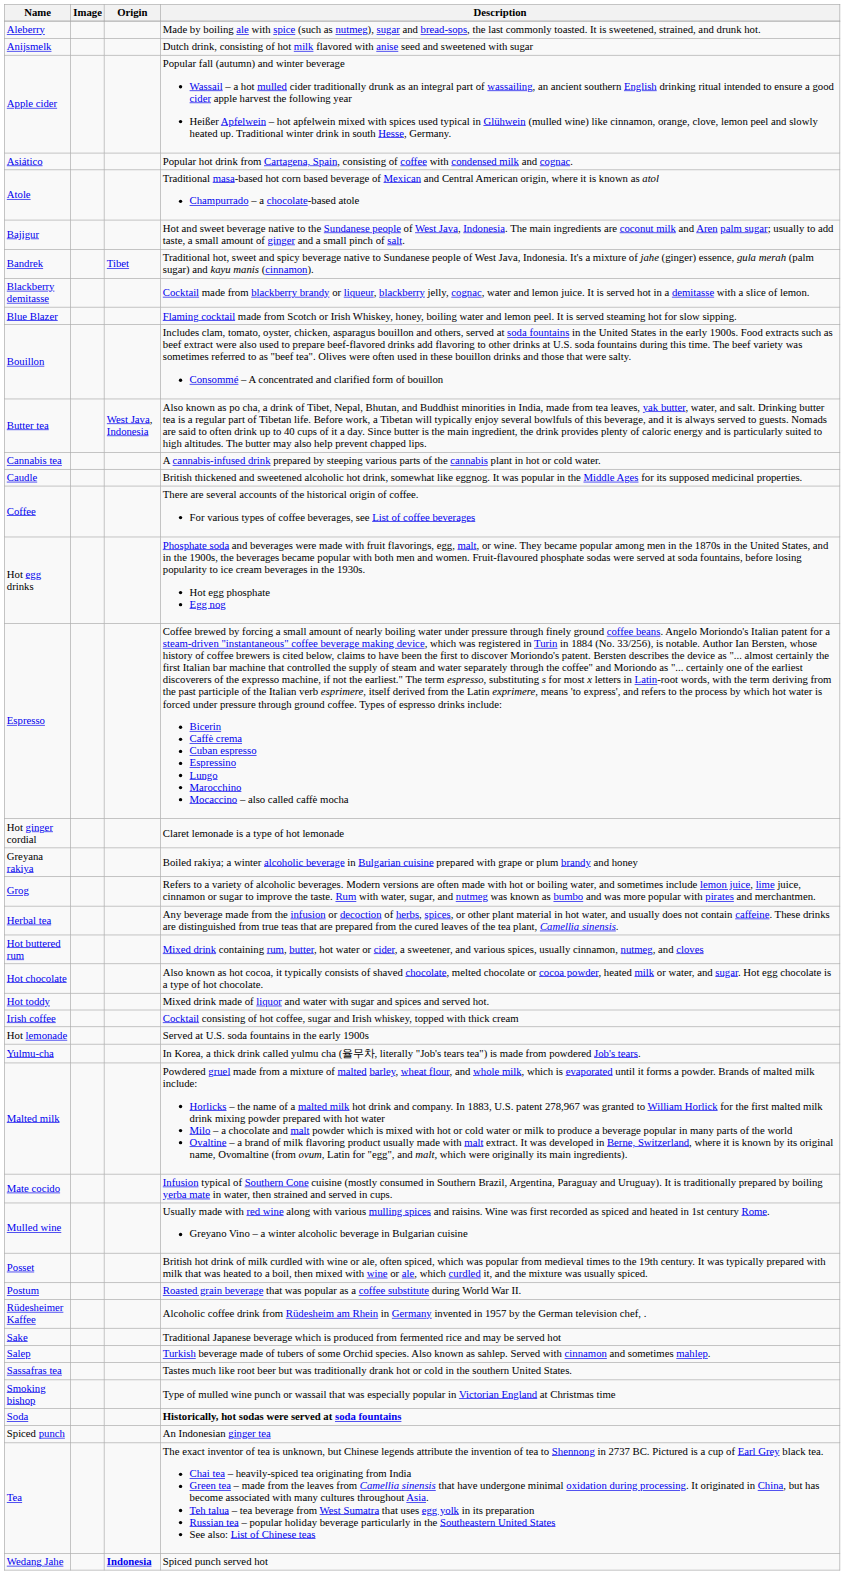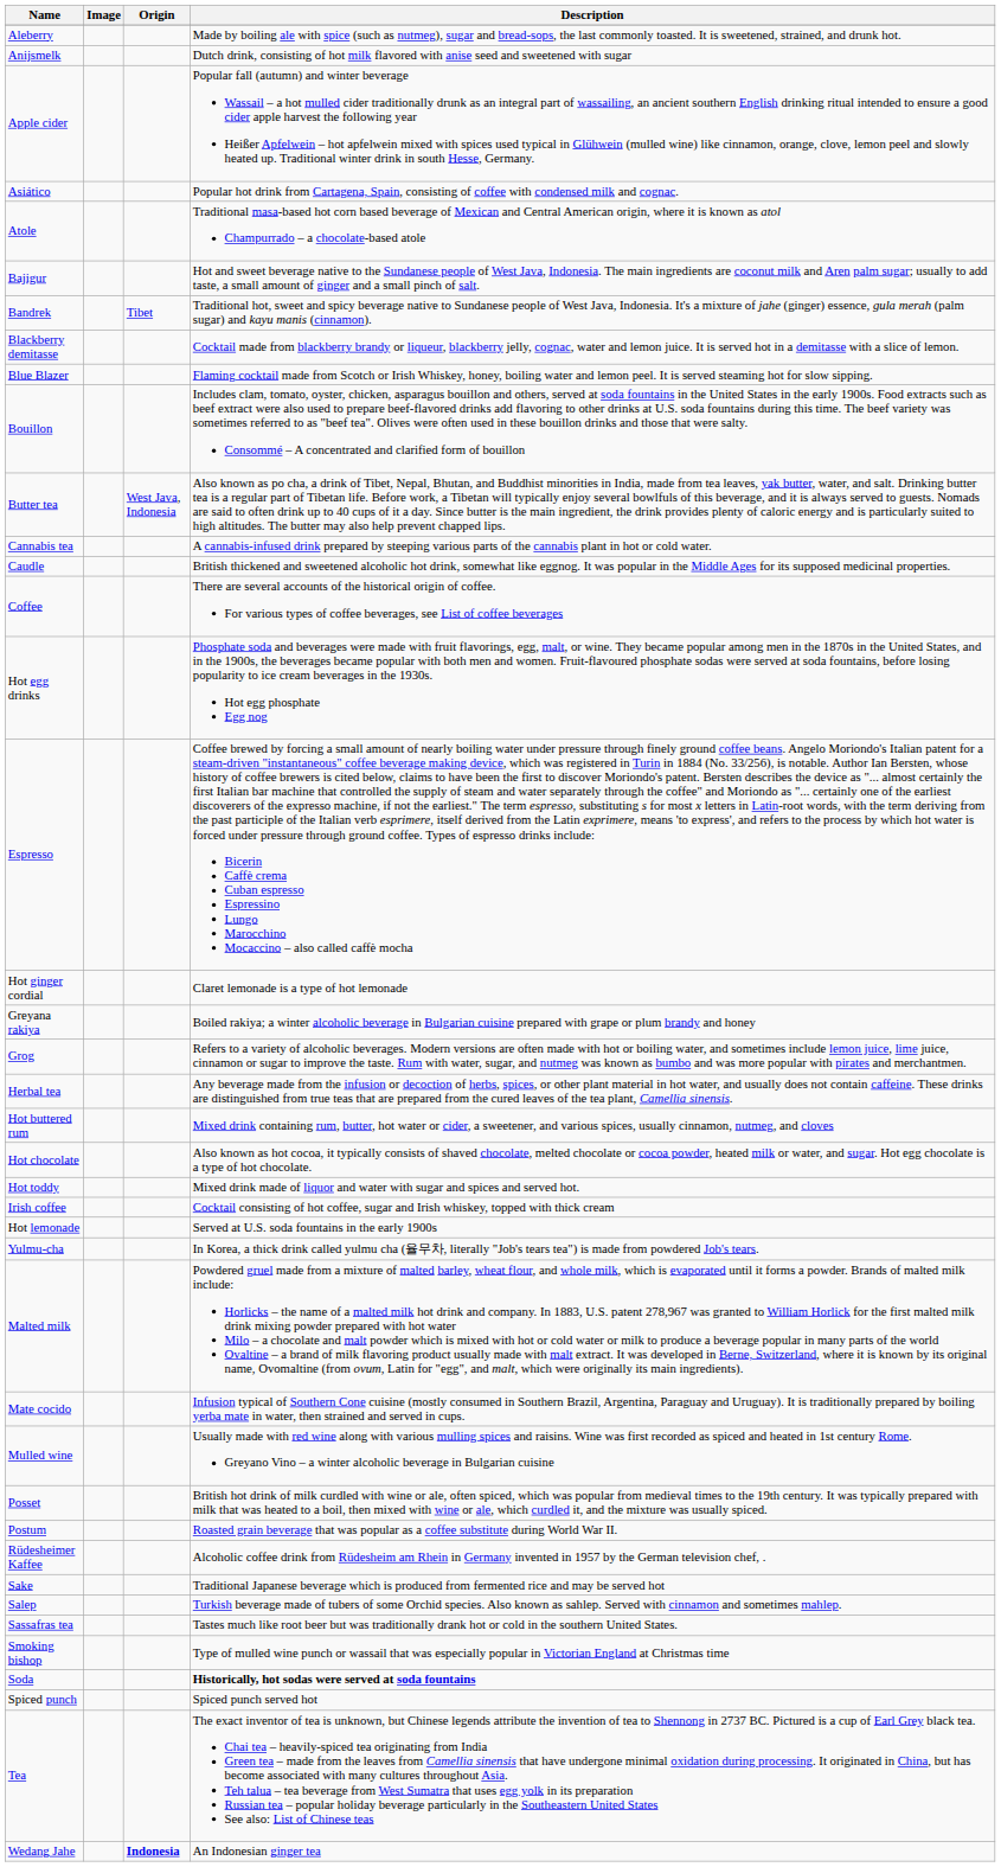 <table class="wikitable sortable">
 <tr>
 <th>Name</th>
 <th class="unsortable">Image</th>
 <th>Origin</th>
 <th>Description</th>
 </tr>
 <tr>
 </tr>
 <tr>
 <td><a href='#'>Aleberry</a></td>
 <td></td>
 <td></td>
 <td>Made by boiling <a href='#'>ale</a> with <a href='#'>spice</a> (such as <a href='#'>nutmeg</a>), <a href='#'>sugar</a> and <a href='#'>bread-sops</a>, the last commonly toasted. It is sweetened, strained, and drunk hot.</td>
 </tr>
 <tr>
 <td><a href='#'>Anijsmelk</a></td>
 <td></td>
 <td></td>
 <td>Dutch drink, consisting of hot <a href='#'>milk</a> flavored with <a href='#'>anise</a> seed and sweetened with sugar</td>
 </tr>
 <tr>
 <td><a href='#'>Apple cider</a></td>
 <td></td>
 <td></td>
 <td>Popular fall (autumn) and winter beverage<br><ul><li><a href='#'>Wassail</a> – a hot <a href='#'>mulled</a> cider traditionally drunk as an integral part of <a href='#'>wassailing</a>, an ancient southern <a href='#'>English</a> drinking ritual intended to ensure a good <a href='#'>cider</a> apple harvest the following year</li></ul><ul><li>Heißer <a href='#'>Apfelwein</a> – hot apfelwein mixed with spices used typical in <a href='#'>Glühwein</a> (mulled wine) like cinnamon, orange, clove, lemon peel and slowly heated up. Traditional winter drink in south <a href='#'>Hesse</a>, Germany.</li></ul></td>
 </tr>
 <tr>
 <td><a href='#'>Asiático</a></td>
 <td></td>
 <td></td>
 <td>Popular hot drink from <a href='#'>Cartagena, Spain</a>, consisting of <a href='#'>coffee</a> with <a href='#'>condensed milk</a> and <a href='#'>cognac</a>.</td>
 </tr>
 <tr>
 <td><a href='#'>Atole</a></td>
 <td></td>
 <td></td>
 <td>Traditional <a href='#'>masa</a>-based hot corn based beverage of <a href='#'>Mexican</a> and Central American origin, where it is known as <em>atol</em><br><ul><li><a href='#'>Champurrado</a> – a <a href='#'>chocolate</a>-based atole</li></ul></td>
 </tr>
 <tr>
 <td><a href='#'>Bajigur</a></td>
 <td></td>
 <td></td>
 <td>Hot and sweet beverage native to the <a href='#'>Sundanese people</a> of <a href='#'>West Java</a>, <a href='#'>Indonesia</a>. The main ingredients are <a href='#'>coconut milk</a> and <a href='#'>Aren</a> <a href='#'>palm sugar</a>; usually to add taste, a small amount of <a href='#'>ginger</a> and a small pinch of <a href='#'>salt</a>.</td>
 </tr>
 <tr>
 <td><a href='#'>Bandrek</a></td>
 <td></td>
 <td><a href='#'>Tibet</a></td>
 <td>Traditional hot, sweet and spicy beverage native to Sundanese people of West Java, Indonesia. It's a mixture of <em>jahe</em> (ginger) essence, <em>gula merah</em> (palm sugar) and <em>kayu manis</em> (<a href='#'>cinnamon</a>).</td>
 </tr>
 <tr>
 <td><a href='#'>Blackberry demitasse</a></td>
 <td></td>
 <td></td>
 <td><a href='#'>Cocktail</a> made from <a href='#'>blackberry brandy</a> or <a href='#'>liqueur</a>, <a href='#'>blackberry</a> jelly, <a href='#'>cognac</a>, water and lemon juice. It is served hot in a <a href='#'>demitasse</a> with a slice of lemon.</td>
 </tr>
 <tr>
 <td><a href='#'>Blue Blazer</a></td>
 <td></td>
 <td></td>
 <td><a href='#'>Flaming cocktail</a> made from Scotch or Irish Whiskey, honey, boiling water and lemon peel. It is served steaming hot for slow sipping.</td>
 </tr>
 <tr>
 <td><a href='#'>Bouillon</a></td>
 <td></td>
 <td></td>
 <td>Includes clam, tomato, oyster, chicken, asparagus bouillon and others, served at <a href='#'>soda fountains</a> in the United States in the early 1900s. Food extracts such as beef extract were also used to prepare beef-flavored drinks add flavoring to other drinks at U.S. soda fountains during this time. The beef variety was sometimes referred to as "beef tea". Olives were often used in these bouillon drinks and those that were salty.<br><ul><li><a href='#'>Consommé</a> – A concentrated and clarified form of bouillon</li></ul></td>
 </tr>
 <tr>
 <td><a href='#'>Butter tea</a></td>
 <td></td>
 <td><a href='#'>West Java</a>, <a href='#'>Indonesia</a></td>
 <td>Also known as po cha, a drink of Tibet, Nepal, Bhutan, and Buddhist minorities in India, made from tea leaves, <a href='#'>yak butter</a>, water, and salt. Drinking butter tea is a regular part of Tibetan life. Before work, a Tibetan will typically enjoy several bowlfuls of this beverage, and it is always served to guests. Nomads are said to often drink up to 40 cups of it a day. Since butter is the main ingredient, the drink provides plenty of caloric energy and is particularly suited to high altitudes. The butter may also help prevent chapped lips.</td>
 </tr>
 <tr>
 <td><a href='#'>Cannabis tea</a></td>
 <td></td>
 <td></td>
 <td>A <a href='#'>cannabis-infused drink</a> prepared by steeping various parts of the <a href='#'>cannabis</a> plant in hot or cold water.</td>
 </tr>
 <tr>
 <td><a href='#'>Caudle</a></td>
 <td></td>
 <td></td>
 <td>British thickened and sweetened alcoholic hot drink, somewhat like eggnog. It was popular in the <a href='#'>Middle Ages</a> for its supposed medicinal properties.</td>
 </tr>
 <tr>
 <td><a href='#'>Coffee</a></td>
 <td></td>
 <td></td>
 <td>There are several accounts of the historical origin of coffee.<br><ul><li>For various types of coffee beverages, see <a href='#'>List of coffee beverages</a></li></ul></td>
 </tr>
 <tr>
 <td>Hot <a href='#'>egg</a> drinks</td>
 <td></td>
 <td></td>
 <td><a href='#'>Phosphate soda</a> and beverages were made with fruit flavorings, egg, <a href='#'>malt</a>, or wine. They became popular among men in the 1870s in the United States, and in the 1900s, the beverages became popular with both men and women. Fruit-flavoured phosphate sodas were served at soda fountains, before losing popularity to ice cream beverages in the 1930s.<br><ul><li>Hot egg phosphate</li><li><a href='#'>Egg nog</a></li></ul></td>
 </tr>
 <tr>
 <td><a href='#'>Espresso</a></td>
 <td></td>
 <td></td>
 <td>Coffee brewed by forcing a small amount of nearly boiling water under pressure through finely ground <a href='#'>coffee beans</a>. Angelo Moriondo's Italian patent for a <a href='#'>steam-driven "instantaneous" coffee beverage making device</a>, which was registered in <a href='#'>Turin</a> in 1884 (No. 33/256), is notable. Author Ian Bersten, whose history of coffee brewers is cited below, claims to have been the first to discover Moriondo's patent. Bersten describes the device as "... almost certainly the first Italian bar machine that controlled the supply of steam and water separately through the coffee" and Moriondo as "... certainly one of the earliest discoverers of the expresso  machine, if not the earliest." The term <em>espresso</em>, substituting <em>s</em> for most <em>x</em> letters in <a href='#'>Latin</a>-root words, with the term deriving from the past participle of the Italian verb <em>esprimere</em>, itself derived from the Latin <em>exprimere</em>, means 'to express', and refers to the process by which hot water is forced under pressure through ground coffee. Types of espresso drinks include:<br><ul><li><a href='#'>Bicerin</a></li><li><a href='#'>Caffè crema</a></li><li><a href='#'>Cuban espresso</a></li><li><a href='#'>Espressino</a></li><li><a href='#'>Lungo</a></li><li><a href='#'>Marocchino</a></li><li><a href='#'>Mocaccino</a> – also called caffè mocha</li></ul> </td>
 </tr>
 <tr>
 <td>Hot <a href='#'>ginger</a> cordial</td>
 <td></td>
 <td></td>
 <td>Claret lemonade is a type of hot lemonade</td>
 </tr>
 <tr>
 <td>Greyana <a href='#'>rakiya</a></td>
 <td></td>
 <td></td>
 <td>Boiled rakiya; a winter <a href='#'>alcoholic beverage</a> in <a href='#'>Bulgarian cuisine</a> prepared with grape or plum <a href='#'>brandy</a> and honey</td>
 </tr>
 <tr>
 <td><a href='#'>Grog</a></td>
 <td></td>
 <td></td>
 <td>Refers to a variety of alcoholic beverages. Modern versions are often made with hot or boiling water, and sometimes include <a href='#'>lemon juice</a>, <a href='#'>lime</a> juice, cinnamon or sugar to improve the taste. <a href='#'>Rum</a> with water, sugar, and <a href='#'>nutmeg</a> was known as <a href='#'>bumbo</a> and was more popular with <a href='#'>pirates</a> and merchantmen.</td>
 </tr>
 <tr>
 <td><a href='#'>Herbal tea</a></td>
 <td></td>
 <td></td>
 <td>Any beverage made from the <a href='#'>infusion</a> or <a href='#'>decoction</a> of <a href='#'>herbs</a>, <a href='#'>spices</a>, or other plant material in hot water, and usually does not contain <a href='#'>caffeine</a>. These drinks are distinguished from true teas that are prepared from the cured leaves of the tea plant, <em><a href='#'>Camellia sinensis</a></em>.</td>
 </tr>
 <tr>
 <td><a href='#'>Hot buttered rum</a></td>
 <td></td>
 <td></td>
 <td><a href='#'>Mixed drink</a> containing <a href='#'>rum</a>, <a href='#'>butter</a>, hot water or <a href='#'>cider</a>, a sweetener, and various spices, usually cinnamon, <a href='#'>nutmeg</a>, and <a href='#'>cloves</a></td>
 </tr>
 <tr>
 <td><a href='#'>Hot chocolate</a></td>
 <td></td>
 <td></td>
 <td>Also known as hot cocoa, it typically consists of shaved <a href='#'>chocolate</a>, melted chocolate or <a href='#'>cocoa powder</a>, heated <a href='#'>milk</a> or water, and <a href='#'>sugar</a>. Hot egg chocolate is a type of hot chocolate.</td>
 </tr>
 <tr>
 <td><a href='#'>Hot toddy</a></td>
 <td></td>
 <td></td>
 <td>Mixed drink made of <a href='#'>liquor</a> and water with sugar and spices and served hot.</td>
 </tr>
 <tr>
 <td><a href='#'>Irish coffee</a></td>
 <td></td>
 <td></td>
 <td><a href='#'>Cocktail</a> consisting of hot coffee, sugar and Irish whiskey, topped with thick cream</td>
 </tr>
 <tr>
 <td>Hot <a href='#'>lemonade</a></td>
 <td></td>
 <td></td>
 <td>Served at U.S. soda fountains in the early 1900s</td>
 </tr>
 <tr>
 <td><a href='#'>Yulmu-cha</a></td>
 <td></td>
 <td></td>
 <td>In Korea, a thick drink called yulmu cha (율무차, literally "Job's tears tea") is made from powdered <a href='#'>Job's tears</a>.</td>
 </tr>
 <tr>
 <td><a href='#'>Malted milk</a></td>
 <td></td>
 <td></td>
 <td>Powdered <a href='#'>gruel</a> made from a mixture of <a href='#'>malted</a> <a href='#'>barley</a>, <a href='#'>wheat flour</a>, and <a href='#'>whole milk</a>, which is <a href='#'>evaporated</a> until it forms a powder. Brands of malted milk include:<br><ul><li><a href='#'>Horlicks</a> – the name of a <a href='#'>malted milk</a> hot drink and company. In 1883, U.S. patent 278,967 was granted to <a href='#'>William Horlick</a> for the first malted milk drink mixing powder prepared with hot water</li><li><a href='#'>Milo</a> – a chocolate and <a href='#'>malt</a> powder which is mixed with hot or cold water or milk to produce a beverage popular in many parts of the world</li><li><a href='#'>Ovaltine</a> – a brand of milk flavoring product usually made with <a href='#'>malt</a> extract. It was developed in <a href='#'>Berne, Switzerland</a>, where it is known by its original name, Ovomaltine (from <em>ovum</em>, Latin for "egg", and <em>malt,</em> which were originally its main ingredients).</li></ul></td>
 </tr>
 <tr>
 <td><a href='#'>Mate cocido</a></td>
 <td></td>
 <td></td>
 <td><a href='#'>Infusion</a> typical of <a href='#'>Southern Cone</a> cuisine (mostly consumed in Southern Brazil, Argentina, Paraguay and Uruguay). It is traditionally prepared by boiling <a href='#'>yerba mate</a> in water, then strained and served in cups.</td>
 </tr>
 <tr>
 <td><a href='#'>Mulled wine</a></td>
 <td></td>
 <td></td>
 <td>Usually made with <a href='#'>red wine</a> along with various <a href='#'>mulling spices</a> and raisins. Wine was first recorded as spiced and heated in 1st century <a href='#'>Rome</a>.<br><ul><li>Greyano Vino – a winter alcoholic beverage in Bulgarian cuisine</li></ul></td>
 </tr>
 <tr>
 <td><a href='#'>Posset</a></td>
 <td></td>
 <td></td>
 <td>British hot drink of milk curdled with wine or ale, often spiced, which was popular from medieval times to the 19th century. It was typically prepared with milk that was heated to a boil, then mixed with <a href='#'>wine</a> or <a href='#'>ale</a>, which <a href='#'>curdled</a> it, and the mixture was usually spiced.</td>
 </tr>
 <tr>
 <td><a href='#'>Postum</a></td>
 <td></td>
 <td></td>
 <td><a href='#'>Roasted grain beverage</a> that was popular as a <a href='#'>coffee substitute</a> during World War II.</td>
 </tr>
 <tr>
 <td><a href='#'>Rüdesheimer Kaffee</a></td>
 <td></td>
 <td></td>
 <td>Alcoholic coffee drink from <a href='#'>Rüdesheim am Rhein</a> in <a href='#'>Germany</a> invented in 1957 by the German television chef, .</td>
 </tr>
 <tr>
 <td><a href='#'>Sake</a></td>
 <td></td>
 <td></td>
 <td>Traditional Japanese beverage which is produced from fermented rice and may be served hot</td>
 </tr>
 <tr>
 <td><a href='#'>Salep</a></td>
 <td></td>
 <td></td>
 <td><a href='#'>Turkish</a> beverage made of tubers of some Orchid species. Also known as sahlep. Served with <a href='#'>cinnamon</a> and sometimes <a href='#'>mahlep</a>.</td>
 </tr>
 <tr>
 <td><a href='#'>Sassafras tea</a></td>
 <td></td>
 <td></td>
 <td>Tastes much like root beer but was traditionally drank hot or cold in the southern United States.</td>
 </tr>
 <tr>
 <td><a href='#'>Smoking bishop</a></td>
 <td></td>
 <td></td>
 <td>Type of mulled wine punch or wassail that was especially popular in <a href='#'>Victorian England</a> at Christmas time</td>
 </tr>
 <tr>
 <td><a href='#'>Soda</a></td>
 <td></td>
 <td></td>
 <td><strong>Historically, hot sodas were served at <a href='#'>soda fountains</a></strong></td>
 </tr>
 <tr>
 <td>Spiced <a href='#'>punch</a></td>
 <td></td>
 <td></td>
-<td>An Indonesian <a href='#'>ginger tea</a></td>
+<td>Spiced punch served hot</td>
 </tr>
 <tr>
 <td><a href='#'>Tea</a></td>
 <td></td>
 <td></td>
 <td>The exact inventor of tea is unknown, but Chinese legends attribute the invention of tea to <a href='#'>Shennong</a> in 2737 BC. Pictured is a cup of <a href='#'>Earl Grey</a> black tea.<br><ul><li><a href='#'>Chai tea</a> – heavily-spiced tea originating from India</li><li><a href='#'>Green tea</a> – made from the leaves from <em><a href='#'>Camellia sinensis</a></em> that have undergone minimal <a href='#'>oxidation during processing</a>. It originated in <a href='#'>China</a>, but has become associated with many cultures throughout <a href='#'>Asia</a>.</li><li><a href='#'>Teh talua</a> – tea beverage from <a href='#'>West Sumatra</a> that uses <a href='#'>egg yolk</a> in its preparation</li><li><a href='#'>Russian tea</a> – popular holiday beverage particularly in the <a href='#'>Southeastern United States</a></li><li>See also: <a href='#'>List of Chinese teas</a></li></ul></td>
 </tr>
 <tr>
 <td><a href='#'>Wedang Jahe</a></td>
 <td></td>
 <td><strong><a href='#'>Indonesia</a></strong></td>
-<td>Spiced punch served hot</td>
+<td>An Indonesian <a href='#'>ginger tea</a></td>
 </tr>
 </table>
